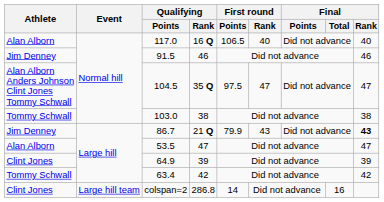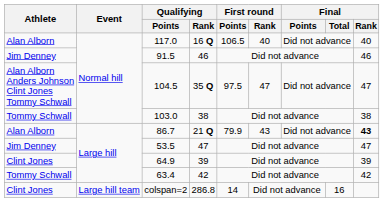 <table class=wikitable style=font-size:90%;text-align:center>
 <tr>
 <th rowspan=2>Athlete</th>
 <th rowspan=2>Event</th>
 <th colspan=2>Qualifying</th>
 <th colspan=2>First round</th>
 <th colspan=3>Final</th>
 </tr>
 <tr style=font-size:95%>
 <th>Points</th>
 <th>Rank</th>
 <th>Points</th>
 <th>Rank</th>
 <th>Points</th>
 <th>Total</th>
 <th>Rank</th>
 </tr>
 <tr>
 <td align=left><a href='#'>Alan Alborn</a></td>
 <td align=left rowspan=4><a href='#'>Normal hill</a></td>
 <td>117.0</td>
 <td>16 <strong>Q</strong></td>
 <td>106.5</td>
 <td>40</td>
 <td colspan=2>Did not advance</td>
 <td>40</td>
 </tr>
 <tr>
 <td align=left><a href='#'>Jim Denney</a></td>
 <td>91.5</td>
 <td>46</td>
 <td colspan=4>Did not advance</td>
 <td>46</td>
 </tr>
 <tr>
 <td align=left><a href='#'>Alan Alborn</a><br><a href='#'>Anders Johnson</a><br><a href='#'>Clint Jones</a><br><a href='#'>Tommy Schwall</a></td>
 <td>104.5</td>
 <td>35 <strong>Q</strong></td>
 <td>97.5</td>
 <td>47</td>
 <td colspan=2>Did not advance</td>
 <td>47</td>
 </tr>
 <tr>
 <td align=left><a href='#'>Tommy Schwall</a></td>
 <td>103.0</td>
 <td>38</td>
 <td colspan=4>Did not advance</td>
 <td>38</td>
 </tr>
 <tr>
-<td align=left><a href='#'>Jim Denney</a></td>
+<td align=left><a href='#'>Alan Alborn</a></td>
 <td align=left rowspan=4><a href='#'>Large hill</a></td>
 <td>86.7</td>
 <td>21 <strong>Q</strong></td>
 <td>79.9</td>
 <td>43</td>
 <td colspan=2>Did not advance</td>
 <td><strong>43</strong></td>
 </tr>
 <tr>
-<td align=left><a href='#'>Alan Alborn</a></td>
+<td align=left><a href='#'>Jim Denney</a></td>
 <td>53.5</td>
 <td>47</td>
 <td colspan=4>Did not advance</td>
 <td>47</td>
 </tr>
 <tr>
 <td align=left><a href='#'>Clint Jones</a></td>
 <td>64.9</td>
 <td>39</td>
 <td colspan=4>Did not advance</td>
 <td>39</td>
 </tr>
 <tr>
 <td align=left><a href='#'>Tommy Schwall</a></td>
 <td>63.4</td>
 <td>42</td>
 <td colspan=4>Did not advance</td>
 <td>42</td>
 </tr>
 <tr>
 <td align=left><a href='#'>Clint Jones</a></td>
 <td align=left><a href='#'>Large hill team</a></td>
 <td>colspan=2 </td>
 <td>286.8</td>
 <td>14</td>
 <td colspan=2>Did not advance</td>
 <td>16</td>
 </tr>
 </table>
